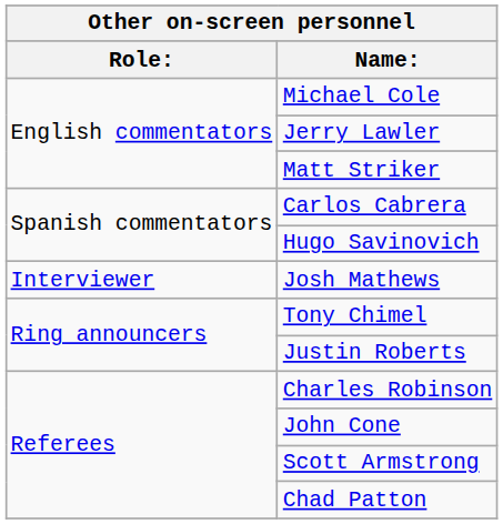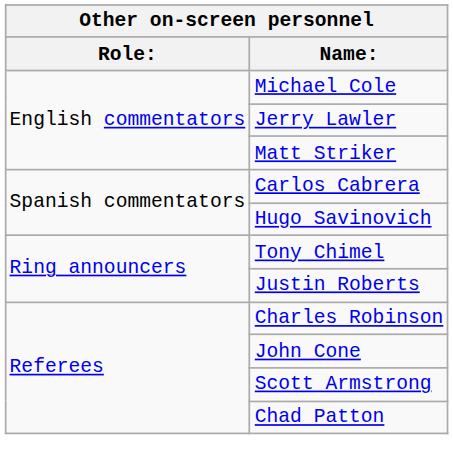 <table align="right" class="wikitable" style="border:1px; font-size:90%; margin-left:1em;">
 <tr>
 <th colspan=2 width=250>Other on-screen personnel</th>
 </tr>
 <tr>
 <th>Role:</th>
 <th>Name:</th>
 </tr>
 <tr>
 <td rowspan=3>English <a href='#'>commentators</a></td>
 <td><a href='#'>Michael Cole</a></td>
 </tr>
 <tr>
 <td><a href='#'>Jerry Lawler</a></td>
 </tr>
 <tr>
 <td><a href='#'>Matt Striker</a></td>
 </tr>
 <tr>
 <td rowspan=2>Spanish commentators</td>
 <td><a href='#'>Carlos Cabrera</a></td>
 </tr>
 <tr>
 <td><a href='#'>Hugo Savinovich</a></td>
 </tr>
 <tr>
-<td><a href='#'>Interviewer</a></td>
-<td><a href='#'>Josh Mathews</a></td>
-</tr>
-<tr>
 <td rowspan=2><a href='#'>Ring announcers</a></td>
 <td><a href='#'>Tony Chimel</a></td>
 </tr>
 <tr>
 <td><a href='#'>Justin Roberts</a></td>
 </tr>
 <tr>
 <td rowspan=4><a href='#'>Referees</a></td>
 <td><a href='#'>Charles Robinson</a></td>
 </tr>
 <tr>
 <td><a href='#'>John Cone</a></td>
 </tr>
 <tr>
 <td><a href='#'>Scott Armstrong</a></td>
 </tr>
 <tr>
 <td><a href='#'>Chad Patton</a></td>
 </tr>
 </table>
